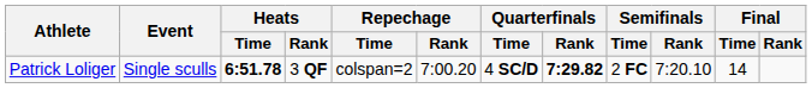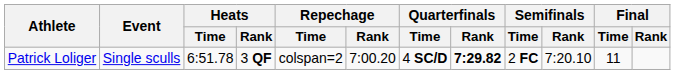 <table class="wikitable" style="font-size:90%">
 <tr>
 <th rowspan="2">Athlete</th>
 <th rowspan="2">Event</th>
 <th colspan="2">Heats</th>
 <th colspan="2">Repechage</th>
 <th colspan=2>Quarterfinals</th>
 <th colspan="2">Semifinals</th>
 <th colspan="2">Final</th>
 </tr>
 <tr style="font-size:95%">
 <th>Time</th>
 <th>Rank</th>
 <th>Time</th>
 <th>Rank</th>
 <th>Time</th>
 <th>Rank</th>
 <th>Time</th>
 <th>Rank</th>
 <th>Time</th>
 <th>Rank</th>
 </tr>
 <tr align=center>
 <td align=left><a href='#'>Patrick Loliger</a></td>
 <td align=left><a href='#'>Single sculls</a></td>
-<td><strong>6:51.78</strong></td>
+<td>6:51.78</td>
 <td>3 <strong>QF</strong></td>
 <td>colspan=2 </td>
 <td>7:00.20</td>
 <td>4 <strong>SC/D</strong></td>
 <td><strong>7:29.82</strong></td>
 <td>2 <strong>FC</strong></td>
 <td>7:20.10</td>
-<td>14</td>
+<td>11</td>
 </tr>
 </table>
